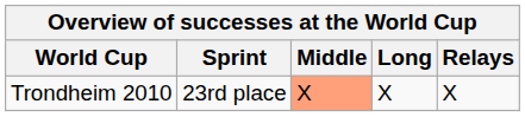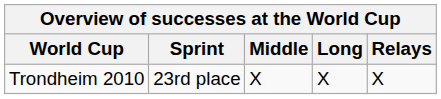 <table class="wikitable">
 <tr>
 <th colspan="5">Overview of successes at the World Cup</th>
 </tr>
 <tr>
 <th>World Cup</th>
 <th>Sprint</th>
 <th>Middle</th>
 <th>Long</th>
 <th>Relays</th>
 </tr>
 <tr>
 <td>Trondheim 2010</td>
 <td>23rd place</td>
-<td style="background: lightsalmon;">X</td>
+<td>X</td>
 <td>X</td>
 <td>X</td>
 </tr>
 </table>
